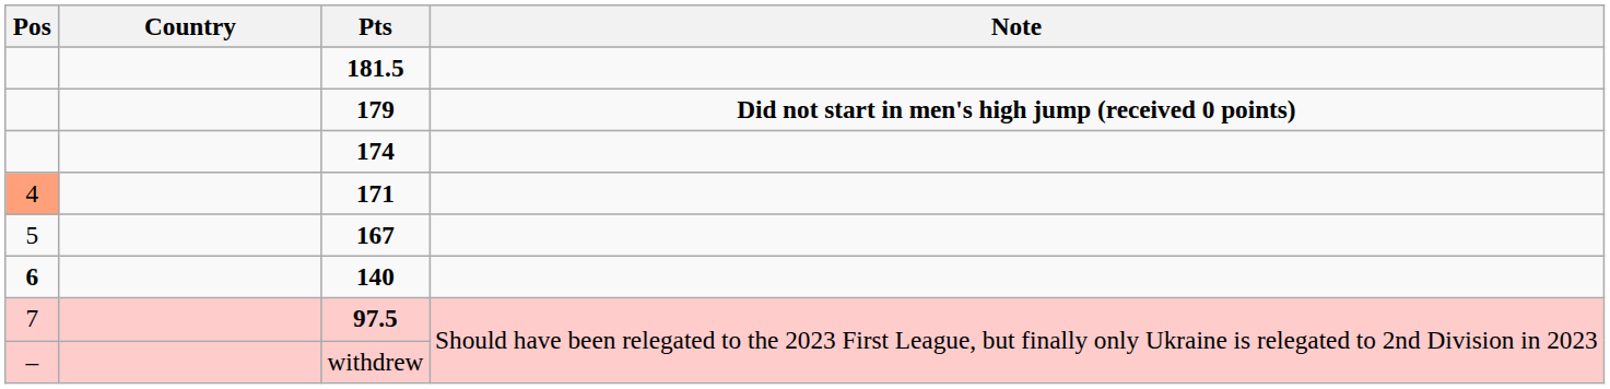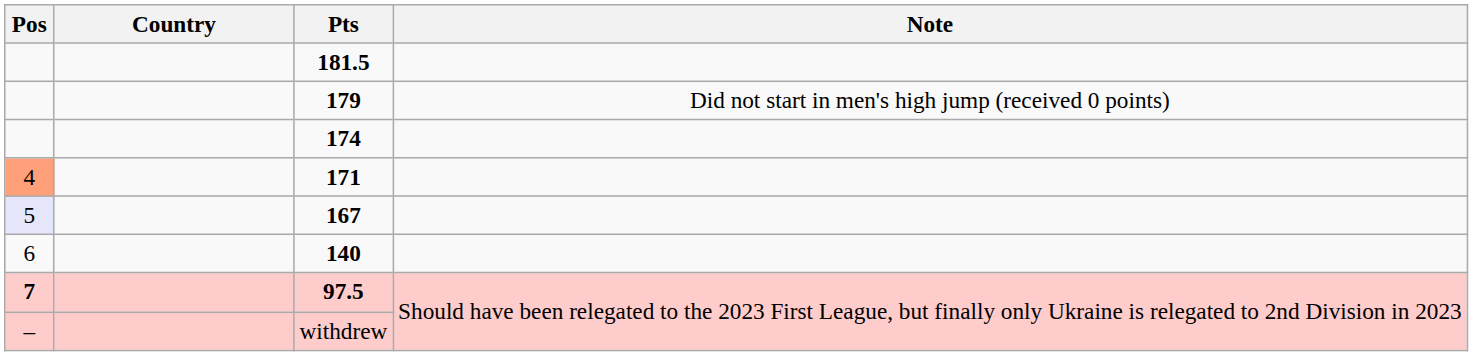 <table class="wikitable" style="text-align: center; font-size:95%">
 <tr>
 <th width="25">Pos</th>
 <th width="150">Country</th>
 <th width="25">Pts</th>
 <th>Note</th>
 </tr>
 <tr>
 <td></td>
 <td align="left"><strong></strong></td>
 <td><strong>181.5</strong></td>
 <td></td>
 </tr>
 <tr>
 <td></td>
 <td align="left"><strong></strong></td>
 <td><strong>179</strong></td>
-<td><strong>Did not start in men's high jump (received 0 points)</strong></td>
+<td>Did not start in men's high jump (received 0 points)</td>
 </tr>
 <tr>
 <td></td>
 <td align="left"><strong></strong></td>
 <td><strong>174</strong></td>
 <td></td>
 </tr>
 <tr>
 <td style="background: lightsalmon;">4</td>
 <td align="left"><strong></strong></td>
 <td><strong>171</strong></td>
 <td></td>
 </tr>
 <tr>
-<td>5</td>
+<td style="background: lavender;">5</td>
 <td align="left"><strong></strong></td>
 <td><strong>167</strong></td>
 <td></td>
 </tr>
 <tr>
-<td><strong>6</strong></td>
+<td>6</td>
 <td align="left"><strong></strong></td>
 <td><strong>140</strong></td>
 <td></td>
 </tr>
 <tr bgcolor=ffcccc>
-<td>7</td>
+<td><strong>7</strong></td>
 <td align="left"><strong></strong></td>
 <td><strong>97.5</strong></td>
 <td rowspan=2>Should have been relegated to the 2023 First League, but finally only Ukraine is relegated to 2nd Division in 2023</td>
 </tr>
 <tr bgcolor=ffcccc>
 <td>–</td>
 <td align="left"><strong></strong></td>
 <td>withdrew</td>
 </tr>
 </table>
